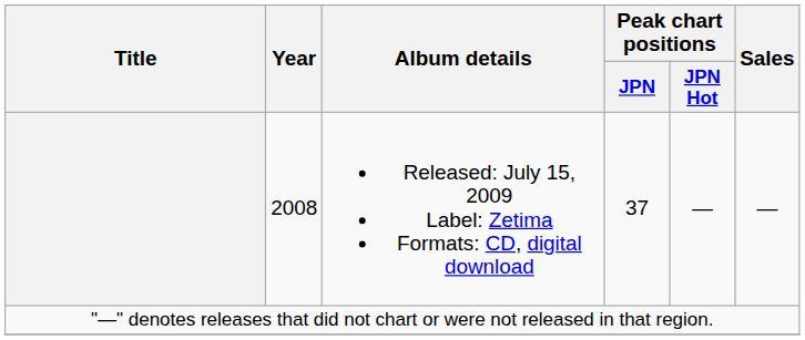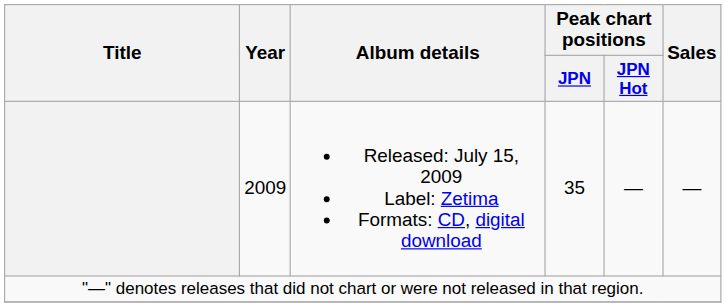 <table class="wikitable plainrowheaders" style="text-align:center;">
 <tr>
 <th scope="col" rowspan="2" style="width:12em;">Title</th>
 <th scope="col" rowspan="2">Year</th>
 <th scope="col" rowspan="2">Album details</th>
 <th scope="col" colspan="2">Peak chart positions</th>
 <th scope="col" rowspan="2">Sales</th>
 </tr>
 <tr>
 <th scope="col" style="width:3em;font-size:90%;"><a href='#'>JPN</a></th>
 <th scope="col" style="width:3em;font-size:90%;"><a href='#'>JPN<br>Hot</a></th>
 </tr>
 <tr>
 <th scope="row"></th>
-<td>2008</td>
+<td>2009</td>
 <td><br><ul><li>Released: July 15, 2009</li><li>Label: <a href='#'>Zetima</a></li><li>Formats: <a href='#'>CD</a>, <a href='#'>digital download</a></li></ul></td>
-<td>37</td>
+<td>35</td>
 <td>—</td>
 <td>—</td>
 </tr>
 <tr>
 <td colspan="6" style="font-size:90%;">"—" denotes releases that did not chart or were not released in that region.</td>
 </tr>
 <tr>
 </tr>
 </table>
